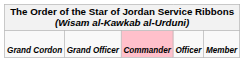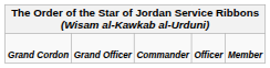 <table class="wikitable" style="margin: 1em auto;">
 <tr>
 <th colspan="5"><strong>The Order of the Star of Jordan</strong> Service Ribbons<br><em>(Wisam al-Kawkab al-Urduni)</em></th>
 </tr>
 <tr align="center">
 <td><br><em><small><strong>Grand Cordon</strong></small></em></td>
 <td><br><em><small><strong>Grand Officer</strong></small></em></td>
-<td style="background: pink;"><br><em><small><strong>Commander</strong></small></em></td>
+<td><br><em><small><strong>Commander</strong></small></em></td>
 <td><br><em><small><strong>Officer</strong></small></em></td>
 <td><br><em><small><strong>Member</strong></small></em></td>
 </tr>
 </table>
